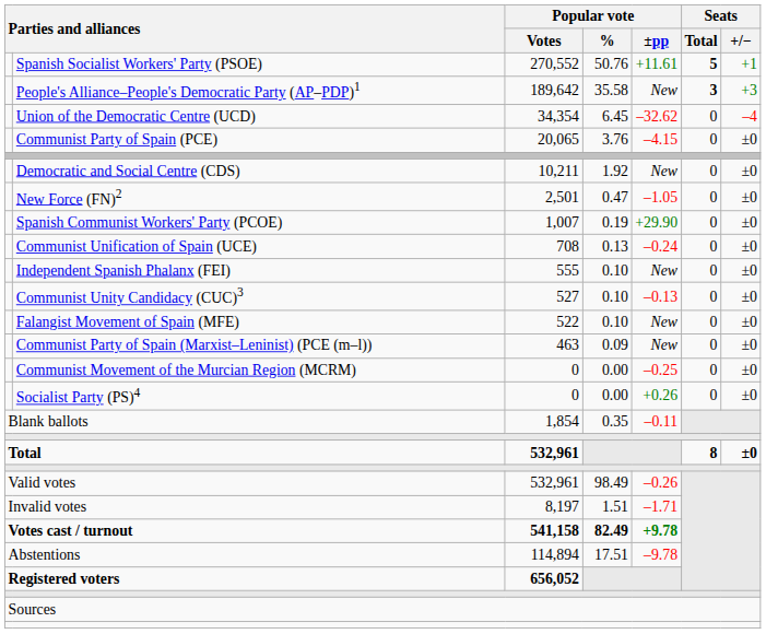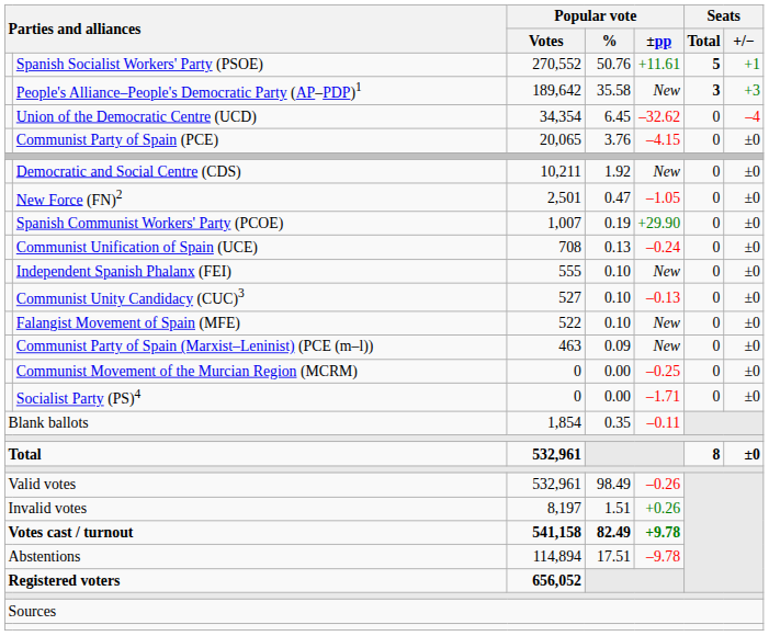 <table class="wikitable" style="text-align:right;">
 <tr>
 <th style="text-align:left;" rowspan="2" colspan="2" width="525">Parties and alliances</th>
 <th colspan="3">Popular vote</th>
 <th colspan="2">Seats</th>
 </tr>
 <tr>
 <th width="75">Votes</th>
 <th width="45">%</th>
 <th width="45">±<a href='#'>pp</a></th>
 <th width="35">Total</th>
 <th width="35">+/−</th>
 </tr>
 <tr>
 <td width="1" style="color:inherit;background:"></td>
 <td align="left"><a href='#'>Spanish Socialist Workers' Party</a> (PSOE)</td>
 <td>270,552</td>
 <td>50.76</td>
 <td style="color:green;">+11.61</td>
 <td><strong>5</strong></td>
 <td style="color:green;">+1</td>
 </tr>
 <tr>
 <td style="color:inherit;background:"></td>
 <td align="left"><a href='#'>People's Alliance–People's Democratic Party</a> (<a href='#'>AP</a>–<a href='#'>PDP</a>)<sup>1</sup></td>
 <td>189,642</td>
 <td>35.58</td>
 <td><em>New</em></td>
 <td><strong>3</strong></td>
 <td style="color:green;">+3</td>
 </tr>
 <tr>
 <td style="color:inherit;background:"></td>
 <td align="left"><a href='#'>Union of the Democratic Centre</a> (UCD)</td>
 <td>34,354</td>
 <td>6.45</td>
 <td style="color:red;">–32.62</td>
 <td>0</td>
 <td style="color:red;">–4</td>
 </tr>
 <tr>
 <td style="color:inherit;background:"></td>
 <td align="left"><a href='#'>Communist Party of Spain</a> (PCE)</td>
 <td>20,065</td>
 <td>3.76</td>
 <td style="color:red;">–4.15</td>
 <td>0</td>
 <td>±0</td>
 </tr>
 <tr>
 <td colspan="7" bgcolor="#C0C0C0"></td>
 </tr>
 <tr>
 <td style="color:inherit;background:"></td>
 <td align="left"><a href='#'>Democratic and Social Centre</a> (CDS)</td>
 <td>10,211</td>
 <td>1.92</td>
 <td><em>New</em></td>
 <td>0</td>
 <td>±0</td>
 </tr>
 <tr>
 <td style="color:inherit;background:"></td>
 <td align="left"><a href='#'>New Force</a> (FN)<sup>2</sup></td>
 <td>2,501</td>
 <td>0.47</td>
 <td style="color:red;">–1.05</td>
 <td>0</td>
 <td>±0</td>
 </tr>
 <tr>
 <td style="color:inherit;background:"></td>
 <td align="left"><a href='#'>Spanish Communist Workers' Party</a> (PCOE)</td>
 <td>1,007</td>
 <td>0.19</td>
 <td style="color:green;">+29.90</td>
 <td>0</td>
 <td>±0</td>
 </tr>
 <tr>
 <td style="color:inherit;background:"></td>
 <td align="left"><a href='#'>Communist Unification of Spain</a> (UCE)</td>
 <td>708</td>
 <td>0.13</td>
 <td style="color:red;">–0.24</td>
 <td>0</td>
 <td>±0</td>
 </tr>
 <tr>
 <td style="color:inherit;background:"></td>
 <td align="left"><a href='#'>Independent Spanish Phalanx</a> (FEI)</td>
 <td>555</td>
 <td>0.10</td>
 <td><em>New</em></td>
 <td>0</td>
 <td>±0</td>
 </tr>
 <tr>
 <td style="color:inherit;background:"></td>
 <td align="left"><a href='#'>Communist Unity Candidacy</a> (CUC)<sup>3</sup></td>
 <td>527</td>
 <td>0.10</td>
 <td style="color:red;">–0.13</td>
 <td>0</td>
 <td>±0</td>
 </tr>
 <tr>
 <td style="color:inherit;background:"></td>
 <td align="left"><a href='#'>Falangist Movement of Spain</a> (MFE)</td>
 <td>522</td>
 <td>0.10</td>
 <td><em>New</em></td>
 <td>0</td>
 <td>±0</td>
 </tr>
 <tr>
 <td style="color:inherit;background:"></td>
 <td align="left"><a href='#'>Communist Party of Spain (Marxist–Leninist)</a> (PCE (m–l))</td>
 <td>463</td>
 <td>0.09</td>
 <td><em>New</em></td>
 <td>0</td>
 <td>±0</td>
 </tr>
 <tr>
 <td style="color:inherit;background:"></td>
 <td align="left"><a href='#'>Communist Movement of the Murcian Region</a> (MCRM)</td>
 <td>0</td>
 <td>0.00</td>
 <td style="color:red;">–0.25</td>
 <td>0</td>
 <td>±0</td>
 </tr>
 <tr>
 <td style="color:inherit;background:"></td>
 <td align="left"><a href='#'>Socialist Party</a> (PS)<sup>4</sup></td>
 <td>0</td>
 <td>0.00</td>
-<td style="color:green;">+0.26</td>
+<td style="color:red;">–1.71</td>
 <td>0</td>
 <td>±0</td>
 </tr>
 <tr>
 <td align="left" colspan="2">Blank ballots</td>
 <td>1,854</td>
 <td>0.35</td>
 <td style="color:red;">–0.11</td>
 <td bgcolor="#E9E9E9" colspan="2"></td>
 </tr>
 <tr>
 <td colspan="7" bgcolor="#E9E9E9"></td>
 </tr>
 <tr style="font-weight:bold;">
 <td align="left" colspan="2">Total</td>
 <td>532,961</td>
 <td bgcolor="#E9E9E9" colspan="2"></td>
 <td>8</td>
 <td>±0</td>
 </tr>
 <tr>
 <td colspan="7" bgcolor="#E9E9E9"></td>
 </tr>
 <tr>
 <td align="left" colspan="2">Valid votes</td>
 <td>532,961</td>
 <td>98.49</td>
 <td style="color:red;">–0.26</td>
 <td bgcolor="#E9E9E9" colspan="2" rowspan="5"></td>
 </tr>
 <tr>
 <td align="left" colspan="2">Invalid votes</td>
 <td>8,197</td>
 <td>1.51</td>
-<td style="color:red;">–1.71</td>
+<td style="color:green;">+0.26</td>
 </tr>
 <tr style="font-weight:bold;">
 <td align="left" colspan="2">Votes cast / turnout</td>
 <td>541,158</td>
 <td>82.49</td>
 <td style="color:green;">+9.78</td>
 </tr>
 <tr>
 <td align="left" colspan="2">Abstentions</td>
 <td>114,894</td>
 <td>17.51</td>
 <td style="color:red;">–9.78</td>
 </tr>
 <tr style="font-weight:bold;">
 <td align="left" colspan="2">Registered voters</td>
 <td>656,052</td>
 <td bgcolor="#E9E9E9" colspan="2"></td>
 </tr>
 <tr>
 <td colspan="7" bgcolor="#E9E9E9"></td>
 </tr>
 <tr>
 <td align="left" colspan="7">Sources</td>
 </tr>
 <tr>
 <td colspan="7" style="text-align:left; max-width:790px;"></td>
 </tr>
 </table>
